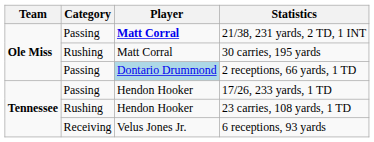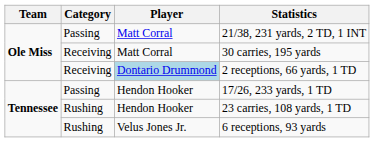 <table class="wikitable" style="float: right;">
 <tr>
 <th>Team</th>
 <th>Category</th>
 <th>Player</th>
 <th>Statistics</th>
 </tr>
 <tr>
 <td rowspan=3><strong>Ole Miss</strong></td>
 <td>Passing</td>
-<td><strong><a href='#'>Matt Corral</a></strong></td>
+<td><a href='#'>Matt Corral</a></td>
 <td>21/38, 231 yards, 2 TD, 1 INT</td>
 </tr>
 <tr>
-<td>Rushing</td>
+<td>Receiving</td>
 <td>Matt Corral</td>
 <td>30 carries, 195 yards</td>
 </tr>
 <tr>
-<td>Passing</td>
+<td>Receiving</td>
 <td style="background: lightblue;"><a href='#'>Dontario Drummond</a></td>
 <td>2 receptions, 66 yards, 1 TD</td>
 </tr>
 <tr>
 <td rowspan=3><strong>Tennessee</strong></td>
 <td>Passing</td>
 <td>Hendon Hooker</td>
 <td>17/26, 233 yards, 1 TD</td>
 </tr>
 <tr>
 <td>Rushing</td>
 <td>Hendon Hooker</td>
 <td>23 carries, 108 yards, 1 TD</td>
 </tr>
 <tr>
-<td>Receiving</td>
+<td>Rushing</td>
 <td>Velus Jones Jr.</td>
 <td>6 receptions, 93 yards</td>
 </tr>
 </table>
